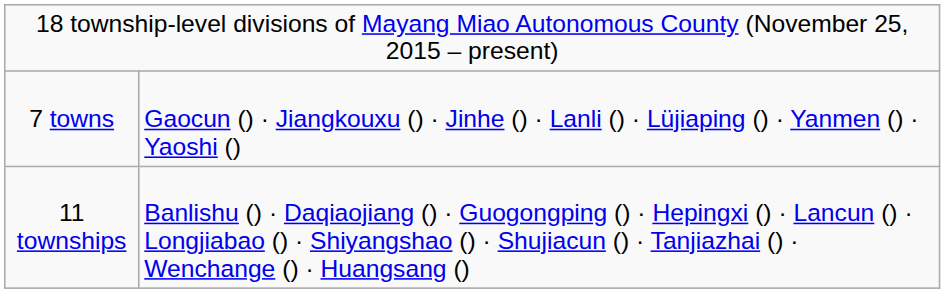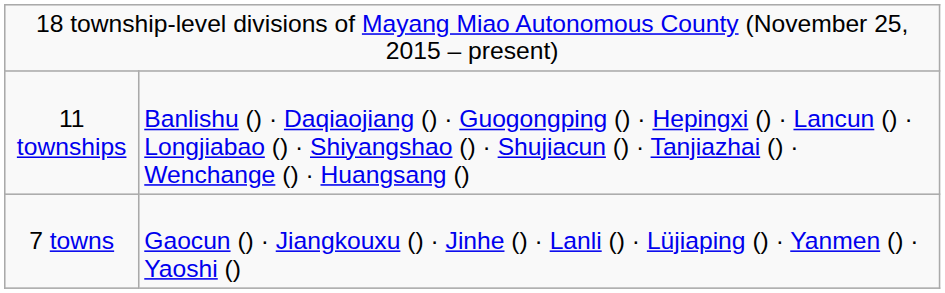 <table class="wikitable">
 <tr>
 <td style="text-align:center;" colspan="2">18 township-level divisions of <a href='#'>Mayang Miao Autonomous County</a> (November 25, 2015 – present)</td>
 </tr>
 <tr align=left>
+<td align=center>11 <a href='#'>townships</a></td>
+<td><br><a href='#'>Banlishu</a> () · <a href='#'>Daqiaojiang</a> () · <a href='#'>Guogongping</a> () · <a href='#'>Hepingxi</a> () · <a href='#'>Lancun</a> () · <a href='#'>Longjiabao</a> () · <a href='#'>Shiyangshao</a> () · <a href='#'>Shujiacun</a> () · <a href='#'>Tanjiazhai</a> () · <a href='#'>Wenchange</a> () · <a href='#'>Huangsang</a> ()</td>
+</tr>
+<tr align=left>
 <td align=center>7 <a href='#'>towns</a></td>
 <td><br><a href='#'>Gaocun</a> () · <a href='#'>Jiangkouxu</a> () · <a href='#'>Jinhe</a> () · <a href='#'>Lanli</a> () · <a href='#'>Lüjiaping</a> () · <a href='#'>Yanmen</a> () · <a href='#'>Yaoshi</a> ()</td>
 </tr>
-<tr align=left>
-<td align=center>11 <a href='#'>townships</a></td>
-<td><br><a href='#'>Banlishu</a> () · <a href='#'>Daqiaojiang</a> () · <a href='#'>Guogongping</a> () · <a href='#'>Hepingxi</a> () · <a href='#'>Lancun</a> () · <a href='#'>Longjiabao</a> () · <a href='#'>Shiyangshao</a> () · <a href='#'>Shujiacun</a> () · <a href='#'>Tanjiazhai</a> () · <a href='#'>Wenchange</a> () · <a href='#'>Huangsang</a> ()</td>
-</tr>
 </table>
